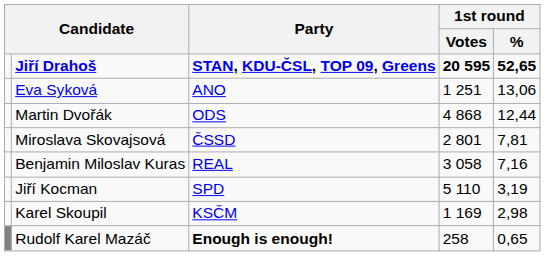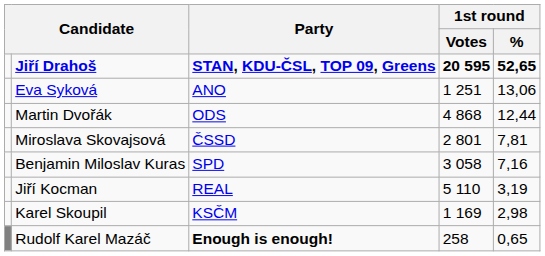 <table class="wikitable sortable">
 <tr>
 <th colspan="2" rowspan="2">Candidate</th>
 <th rowspan="2">Party</th>
 <th colspan="2">1st round</th>
 </tr>
 <tr>
 <th>Votes</th>
 <th>%</th>
 </tr>
 <tr>
 <td style="background-color:"></td>
 <td><strong><a href='#'>Jiří Drahoš</a></strong></td>
 <td><strong><a href='#'>STAN</a>, <a href='#'>KDU-ČSL</a>, <a href='#'>TOP 09</a>, <a href='#'>Greens</a></strong></td>
 <td><strong>20 595</strong></td>
 <td><strong>52,65</strong></td>
 </tr>
 <tr>
 <td style="background-color:"></td>
 <td><a href='#'>Eva Syková</a></td>
 <td><a href='#'>ANO</a></td>
 <td>1 251</td>
 <td>13,06</td>
 </tr>
 <tr>
 <td style="background-color:"></td>
 <td>Martin Dvořák</td>
 <td><a href='#'>ODS</a></td>
 <td>4 868</td>
 <td>12,44</td>
 </tr>
 <tr>
 <td style="background-color:"></td>
 <td>Miroslava Skovajsová</td>
 <td><a href='#'>ČSSD</a></td>
 <td>2 801</td>
 <td>7,81</td>
 </tr>
 <tr>
 <td style="background-color:"></td>
 <td>Benjamin Miloslav Kuras</td>
-<td><a href='#'>REAL</a></td>
+<td><a href='#'>SPD</a></td>
 <td>3 058</td>
 <td>7,16</td>
 </tr>
 <tr>
 <td style="background-color:"></td>
 <td>Jiří Kocman</td>
-<td><a href='#'>SPD</a></td>
+<td><a href='#'>REAL</a></td>
 <td>5 110</td>
 <td>3,19</td>
 </tr>
 <tr>
 <td style="background-color:"></td>
 <td>Karel Skoupil</td>
 <td><a href='#'>KSČM</a></td>
 <td>1 169</td>
 <td>2,98</td>
 </tr>
 <tr>
 <td style="background-color:grey;"></td>
 <td>Rudolf Karel Mazáč</td>
 <td><strong>Enough is enough!</strong></td>
 <td>258</td>
 <td>0,65</td>
 </tr>
 </table>
